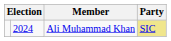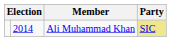 <table class="wikitable">
 <tr>
 <th colspan="2">Election</th>
 <th>Member</th>
 <th>Party</th>
 </tr>
 <tr>
 <td style="background-color: "></td>
-<td><a href='#'>2024</a></td>
+<td><a href='#'>2014</a></td>
 <td><a href='#'>Ali Muhammad Khan</a></td>
 <td style="background: khaki;"><a href='#'>SIC</a></td>
 </tr>
 </table>
